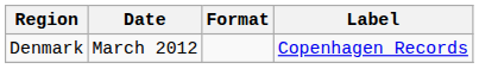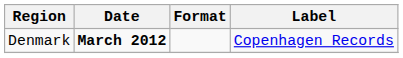 <table class=wikitable>
 <tr>
 <th>Region</th>
 <th>Date</th>
 <th>Format</th>
 <th>Label</th>
 </tr>
 <tr>
 <td>Denmark</td>
-<td>March 2012</td>
+<td><strong>March 2012</strong></td>
 <td></td>
 <td><a href='#'>Copenhagen Records</a></td>
 </tr>
 <tr>
 </tr>
 </table>
